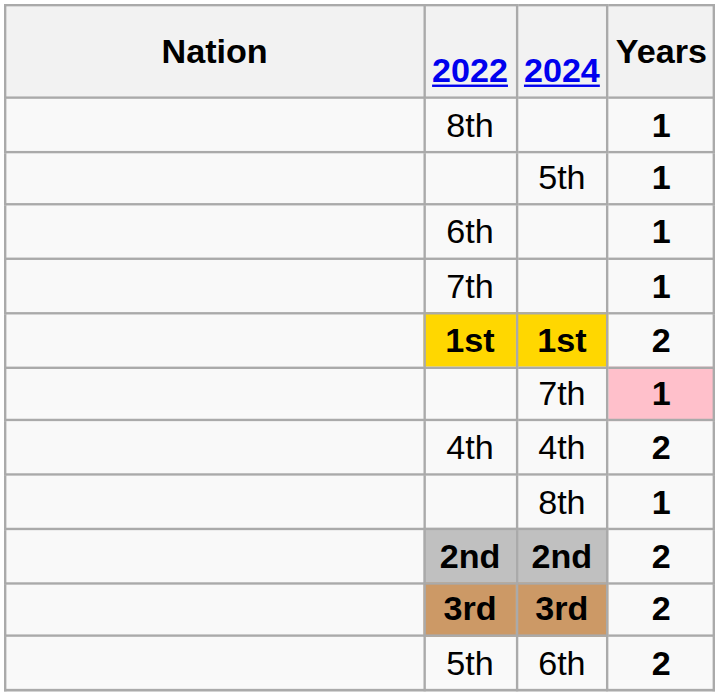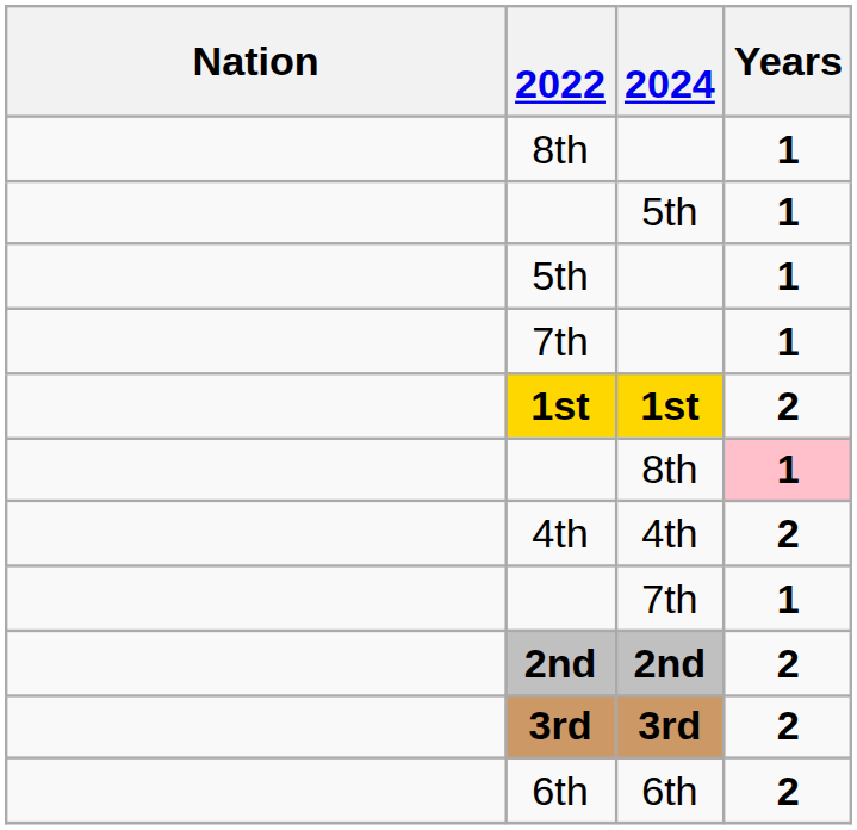 <table class="wikitable" style="text-align:center; font-size:90%">
 <tr>
 <th width=170>Nation</th>
 <th><br><a href='#'>2022</a></th>
 <th><br><a href='#'>2024</a></th>
 <th>Years</th>
 </tr>
 <tr>
 <td align=left></td>
 <td>8th</td>
 <td></td>
 <td><strong>1</strong></td>
 </tr>
 <tr>
 <td align=left></td>
 <td></td>
 <td>5th</td>
 <td><strong>1</strong></td>
 </tr>
 <tr>
 <td align=left></td>
-<td>6th</td>
+<td>5th</td>
 <td></td>
 <td><strong>1</strong></td>
 </tr>
 <tr>
 <td align=left></td>
 <td>7th</td>
 <td></td>
 <td><strong>1</strong></td>
 </tr>
 <tr>
 <td align=left></td>
 <td bgcolor=gold><strong>1st</strong></td>
 <td bgcolor=gold><strong>1st</strong></td>
 <td><strong>2</strong></td>
 </tr>
 <tr>
 <td align=left></td>
 <td></td>
-<td>7th</td>
+<td>8th</td>
 <td style="background: pink;"><strong>1</strong></td>
 </tr>
 <tr>
 <td align=left></td>
 <td>4th</td>
 <td>4th</td>
 <td><strong>2</strong></td>
 </tr>
 <tr>
 <td align=left></td>
 <td></td>
-<td>8th</td>
+<td>7th</td>
 <td><strong>1</strong></td>
 </tr>
 <tr>
 <td align=left></td>
 <td bgcolor=silver><strong>2nd</strong></td>
 <td bgcolor=silver><strong>2nd</strong></td>
 <td><strong>2</strong></td>
 </tr>
 <tr>
 <td align=left></td>
 <td bgcolor=#cc9966><strong>3rd</strong></td>
 <td bgcolor=#cc9966><strong>3rd</strong></td>
 <td><strong>2</strong></td>
 </tr>
 <tr>
 <td align=left></td>
-<td>5th</td>
+<td>6th</td>
 <td>6th</td>
 <td><strong>2</strong></td>
 </tr>
 <tr>
 </tr>
 </table>
